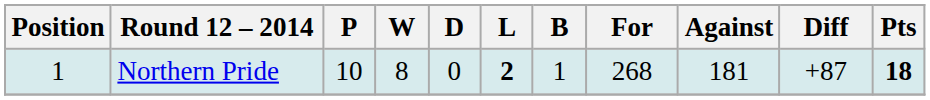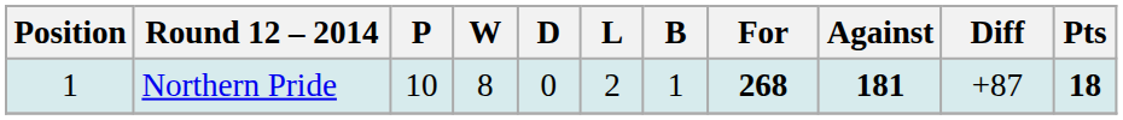 <table class="wikitable" style="text-align:center; font-size:85%;">
 <tr>
 <th width=40 abbr="Position">Position</th>
 <th width=100>Round 12 – 2014</th>
 <th width=20 abbr="Played">P</th>
 <th width=20 abbr="Won">W</th>
 <th width=20 abbr="Drawn">D</th>
 <th width=20 abbr="Lost">L</th>
 <th width=20 abbr="Bye">B</th>
 <th width=40 abbr="Points for">For</th>
 <th width=40 abbr="Points against">Against</th>
 <th width=40 abbr="Points difference">Diff</th>
 <th width=20 abbr="Points">Pts</th>
 </tr>
 <tr style="background: #d7ebed;">
 <td>1</td>
 <td style="text-align:left;"> <a href='#'>Northern Pride</a></td>
 <td>10</td>
 <td>8</td>
 <td>0</td>
-<td><strong>2</strong></td>
+<td>2</td>
 <td>1</td>
-<td>268</td>
-<td>181</td>
+<td><strong>268</strong></td>
+<td><strong>181</strong></td>
 <td>+87</td>
 <td><strong>18</strong></td>
 </tr>
 <tr>
 </tr>
 </table>
